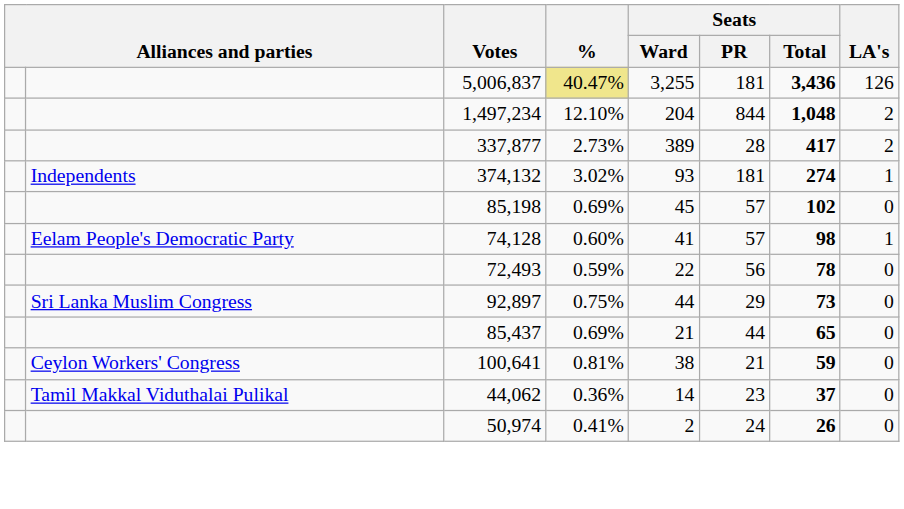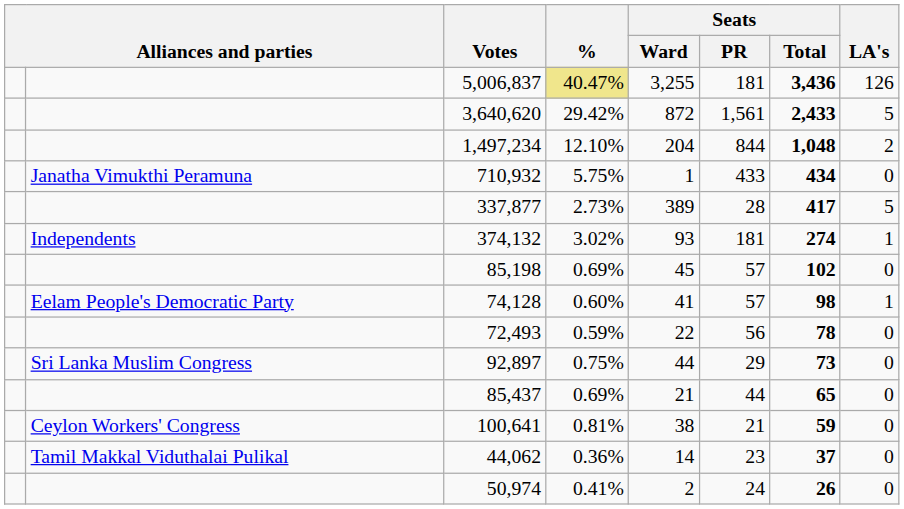 <table class="wikitable" border="1" style="font-size:100%; text-align:right; border:0px; margin-top:-1px; margin-bottom:0;">
 <tr>
 <th valign=bottom rowspan=2 colspan=2 width="350">Alliances and parties</th>
 <th valign=bottom rowspan=2 width="75">Votes</th>
 <th valign=bottom rowspan=2 width="60">%</th>
 <th valign=bottom colspan=3>Seats</th>
 <th valign=bottom rowspan=2  width="40">LA's</th>
 </tr>
 <tr>
 <th width="50">Ward</th>
 <th width="50">PR</th>
 <th width="50">Total</th>
 </tr>
 <tr style="vertical-align:top;">
 <td style="background-color:"> </td>
 <td></td>
 <td>5,006,837</td>
 <td style="background: khaki;">40.47%</td>
 <td>3,255</td>
 <td>181</td>
 <td><strong>3,436</strong></td>
 <td>126</td>
 </tr>
 <tr style="vertical-align:top;">
 <td style="background-color:"> </td>
 <td></td>
+<td>3,640,620</td>
+<td>29.42%</td>
+<td>872</td>
+<td>1,561</td>
+<td><strong>2,433</strong></td>
+<td>5</td>
+</tr>
+<tr style="vertical-align:top;">
+<td style="background-color:"> </td>
+<td></td>
 <td>1,497,234</td>
 <td>12.10%</td>
 <td>204</td>
 <td>844</td>
 <td><strong>1,048</strong></td>
 <td>2</td>
+</tr>
+<tr>
+<td style="background-color:"> </td>
+<td style="text-align:left;"><a href='#'>Janatha Vimukthi Peramuna</a></td>
+<td>710,932</td>
+<td>5.75%</td>
+<td>1</td>
+<td>433</td>
+<td><strong>434</strong></td>
+<td>0</td>
 </tr>
 <tr style="vertical-align:top;">
 <td style="background-color:"> </td>
 <td></td>
 <td>337,877</td>
 <td>2.73%</td>
 <td>389</td>
 <td>28</td>
 <td><strong>417</strong></td>
-<td>2</td>
+<td>5</td>
 </tr>
 <tr>
 <td style="background-color:"> </td>
 <td style="text-align:left;"><a href='#'>Independents</a></td>
 <td>374,132</td>
 <td>3.02%</td>
 <td>93</td>
 <td>181</td>
 <td><strong>274</strong></td>
 <td>1</td>
 </tr>
 <tr style="vertical-align:top;">
 <td style="background-color:"> </td>
 <td></td>
 <td>85,198</td>
 <td>0.69%</td>
 <td>45</td>
 <td>57</td>
 <td><strong>102</strong></td>
 <td>0</td>
 </tr>
 <tr>
 <td style="background-color:"> </td>
 <td style="text-align:left;"><a href='#'>Eelam People's Democratic Party</a></td>
 <td>74,128</td>
 <td>0.60%</td>
 <td>41</td>
 <td>57</td>
 <td><strong>98</strong></td>
 <td>1</td>
 </tr>
 <tr style="vertical-align:top;">
 <td style="background-color:"> </td>
 <td></td>
 <td>72,493</td>
 <td>0.59%</td>
 <td>22</td>
 <td>56</td>
 <td><strong>78</strong></td>
 <td>0</td>
 </tr>
 <tr>
 <td style="background-color:"> </td>
 <td style="text-align:left;"><a href='#'>Sri Lanka Muslim Congress</a></td>
 <td>92,897</td>
 <td>0.75%</td>
 <td>44</td>
 <td>29</td>
 <td><strong>73</strong></td>
 <td>0</td>
 </tr>
 <tr style="vertical-align:top;">
 <td style="background-color:"> </td>
 <td style="text-align:left;"></td>
 <td>85,437</td>
 <td>0.69%</td>
 <td>21</td>
 <td>44</td>
 <td><strong>65</strong></td>
 <td>0</td>
 </tr>
 <tr>
 <td style="background-color:"> </td>
 <td style="text-align:left;"><a href='#'>Ceylon Workers' Congress</a></td>
 <td>100,641</td>
 <td>0.81%</td>
 <td>38</td>
 <td>21</td>
 <td><strong>59</strong></td>
 <td>0</td>
 </tr>
 <tr>
 <td></td>
 <td style="text-align:left;"><a href='#'>Tamil Makkal Viduthalai Pulikal</a></td>
 <td>44,062</td>
 <td>0.36%</td>
 <td>14</td>
 <td>23</td>
 <td><strong>37</strong></td>
 <td>0</td>
 </tr>
 <tr style="vertical-align:top;">
 <td></td>
 <td style="text-align:left;"></td>
 <td>50,974</td>
 <td>0.41%</td>
 <td>2</td>
 <td>24</td>
 <td><strong>26</strong></td>
 <td>0</td>
 </tr>
 </table>
